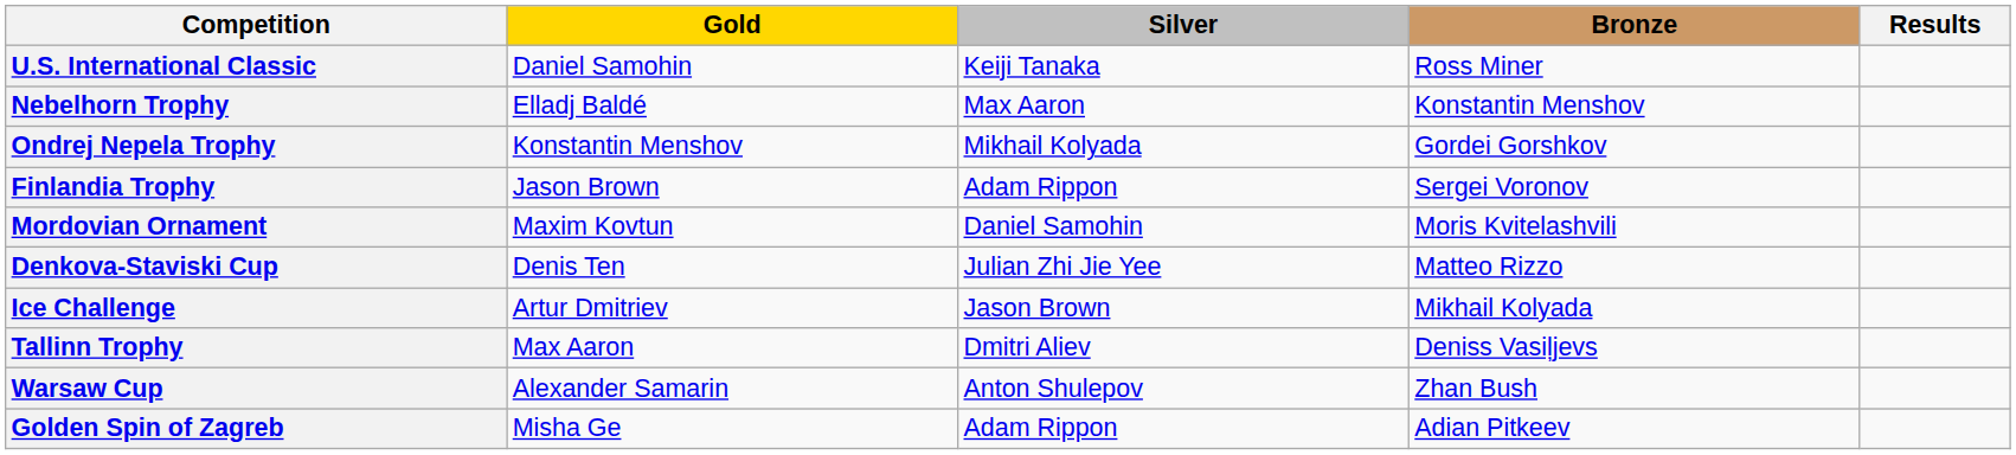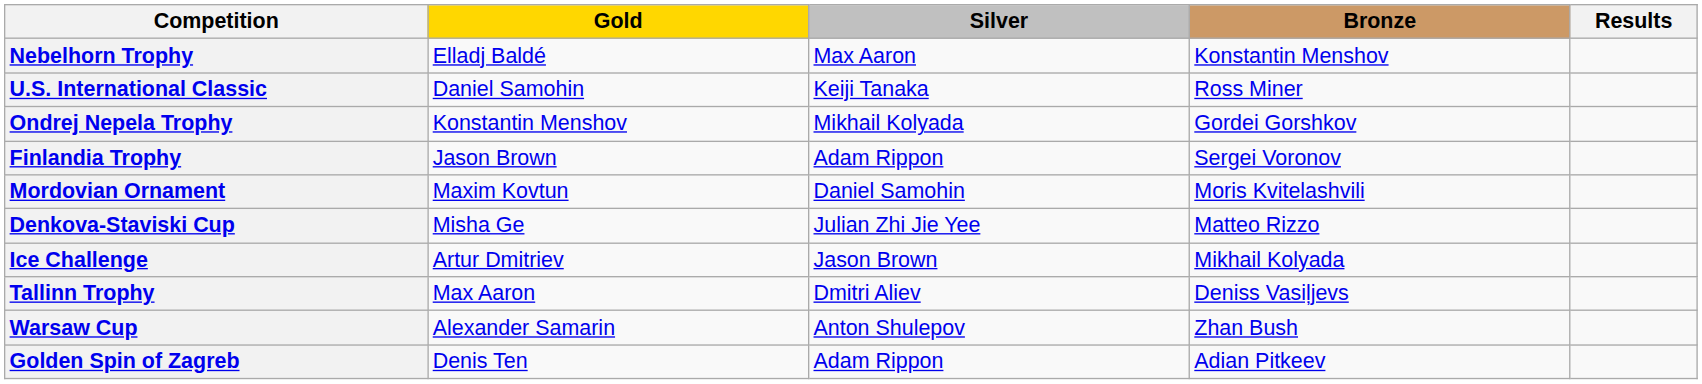 <table class="wikitable unsortable" style="text-align:left; width:100%;">
 <tr>
 <th scope="col" style="text-align:center; width:25%;">Competition</th>
 <td scope="col" style="text-align:center; width:22.5%; background:gold"><strong>Gold</strong></td>
 <td scope="col" style="text-align:center; width:22.5%; background:silver"><strong>Silver</strong></td>
 <td scope="col" style="text-align:center; width:22.5%; background:#c96"><strong>Bronze</strong></td>
 <th scope="col" style="text-align:center; width:7.5%;">Results</th>
 </tr>
 <tr>
+<th scope="row" style="text-align:left"> <a href='#'>Nebelhorn Trophy</a></th>
+<td> <a href='#'>Elladj Baldé</a></td>
+<td> <a href='#'>Max Aaron</a></td>
+<td> <a href='#'>Konstantin Menshov</a></td>
+<td></td>
+</tr>
+<tr>
 <th scope="row" style="text-align:left"> <a href='#'>U.S. International Classic</a></th>
 <td> <a href='#'>Daniel Samohin</a></td>
 <td> <a href='#'>Keiji Tanaka</a></td>
 <td> <a href='#'>Ross Miner</a></td>
-<td></td>
-</tr>
-<tr>
-<th scope="row" style="text-align:left"> <a href='#'>Nebelhorn Trophy</a></th>
-<td> <a href='#'>Elladj Baldé</a></td>
-<td> <a href='#'>Max Aaron</a></td>
-<td> <a href='#'>Konstantin Menshov</a></td>
 <td></td>
 </tr>
 <tr>
 <th scope="row" style="text-align:left"> <a href='#'>Ondrej Nepela Trophy</a></th>
 <td> <a href='#'>Konstantin Menshov</a></td>
 <td> <a href='#'>Mikhail Kolyada</a></td>
 <td> <a href='#'>Gordei Gorshkov</a></td>
 <td></td>
 </tr>
 <tr>
 <th scope="row" style="text-align:left"> <a href='#'>Finlandia Trophy</a></th>
 <td> <a href='#'>Jason Brown</a></td>
 <td> <a href='#'>Adam Rippon</a></td>
 <td> <a href='#'>Sergei Voronov</a></td>
 <td></td>
 </tr>
 <tr>
 <th scope="row" style="text-align:left"> <a href='#'>Mordovian Ornament</a></th>
 <td> <a href='#'>Maxim Kovtun</a></td>
 <td> <a href='#'>Daniel Samohin</a></td>
 <td> <a href='#'>Moris Kvitelashvili</a></td>
 <td></td>
 </tr>
 <tr>
 <th scope="row" style="text-align:left"> <a href='#'>Denkova-Staviski Cup</a></th>
-<td> <a href='#'>Denis Ten</a></td>
+<td> <a href='#'>Misha Ge</a></td>
 <td> <a href='#'>Julian Zhi Jie Yee</a></td>
 <td> <a href='#'>Matteo Rizzo</a></td>
 <td></td>
 </tr>
 <tr>
 <th scope="row" style="text-align:left"> <a href='#'>Ice Challenge</a></th>
 <td> <a href='#'>Artur Dmitriev</a></td>
 <td> <a href='#'>Jason Brown</a></td>
 <td> <a href='#'>Mikhail Kolyada</a></td>
 <td></td>
 </tr>
 <tr>
 <th scope="row" style="text-align:left"> <a href='#'>Tallinn Trophy</a></th>
 <td> <a href='#'>Max Aaron</a></td>
 <td> <a href='#'>Dmitri Aliev</a></td>
 <td> <a href='#'>Deniss Vasiļjevs</a></td>
 <td></td>
 </tr>
 <tr>
 <th scope="row" style="text-align:left"> <a href='#'>Warsaw Cup</a></th>
 <td> <a href='#'>Alexander Samarin</a></td>
 <td> <a href='#'>Anton Shulepov</a></td>
 <td> <a href='#'>Zhan Bush</a></td>
 <td></td>
 </tr>
 <tr>
 <th scope="row" style="text-align:left"> <a href='#'>Golden Spin of Zagreb</a></th>
-<td> <a href='#'>Misha Ge</a></td>
+<td> <a href='#'>Denis Ten</a></td>
 <td> <a href='#'>Adam Rippon</a></td>
 <td> <a href='#'>Adian Pitkeev</a></td>
 <td></td>
 </tr>
 </table>
